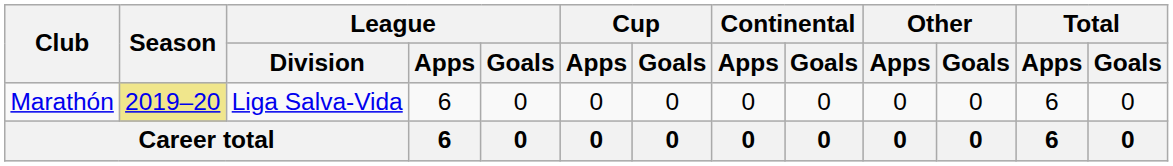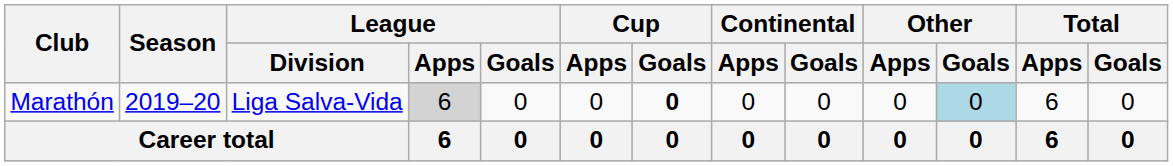 <table class="wikitable" style="text-align: center">
 <tr>
 <th rowspan="2">Club</th>
 <th rowspan="2">Season</th>
 <th colspan="3">League</th>
 <th colspan="2">Cup</th>
 <th colspan="2">Continental</th>
 <th colspan="2">Other</th>
 <th colspan="2">Total</th>
 </tr>
 <tr>
 <th>Division</th>
 <th>Apps</th>
 <th>Goals</th>
 <th>Apps</th>
 <th>Goals</th>
 <th>Apps</th>
 <th>Goals</th>
 <th>Apps</th>
 <th>Goals</th>
 <th>Apps</th>
 <th>Goals</th>
 </tr>
 <tr>
 <td><a href='#'>Marathón</a></td>
-<td style="background: khaki;"><a href='#'>2019–20</a></td>
+<td><a href='#'>2019–20</a></td>
 <td><a href='#'>Liga Salva-Vida</a></td>
-<td>6</td>
+<td style="background: lightgrey;">6</td>
+<td>0</td>
+<td>0</td>
+<td><strong>0</strong></td>
 <td>0</td>
 <td>0</td>
 <td>0</td>
-<td>0</td>
-<td>0</td>
-<td>0</td>
-<td>0</td>
+<td style="background: lightblue;">0</td>
 <td>6</td>
 <td>0</td>
 </tr>
 <tr>
 <th colspan=3>Career total</th>
 <th>6</th>
 <th>0</th>
 <th>0</th>
 <th>0</th>
 <th>0</th>
 <th>0</th>
 <th>0</th>
 <th>0</th>
 <th>6</th>
 <th>0</th>
 </tr>
 </table>
